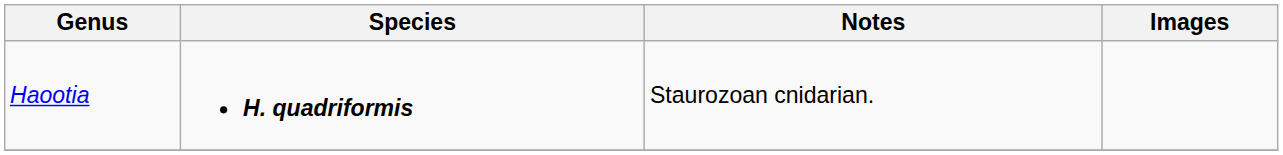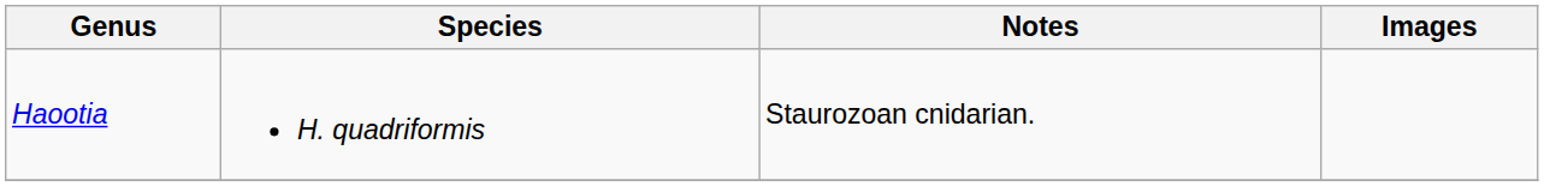 <table class="wikitable" style="width:70%;">
 <tr>
 <th>Genus</th>
 <th>Species</th>
 <th>Notes</th>
 <th>Images</th>
 </tr>
 <tr>
 <td><em><a href='#'>Haootia</a></em></td>
-<td><strong><br><ul><li><em>H. quadriformis</em></li></ul></strong></td>
+<td><br><ul><li><em>H. quadriformis</em></li></ul></td>
 <td>Staurozoan cnidarian.</td>
 <td></td>
 </tr>
 <tr>
 </tr>
 </table>
